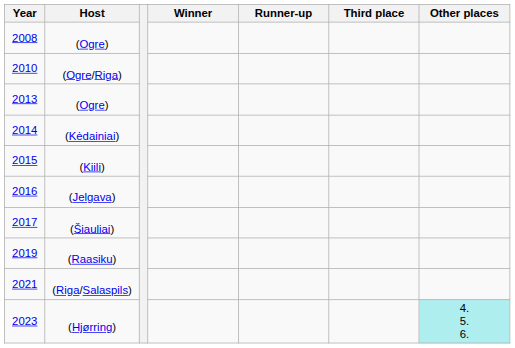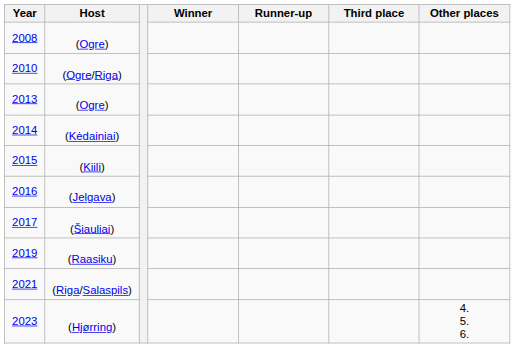 <table class="wikitable" style="text-align:center;">
 <tr>
 <th width=50>Year</th>
 <th width=125>Host</th>
 <th width=5 rowspan=11 bgcolor=ffffff></th>
 <th width=120>Winner</th>
 <th width=120>Runner-up</th>
 <th width=120>Third place</th>
 <th width=120>Other places</th>
 </tr>
 <tr>
 <td><a href='#'>2008</a></td>
 <td><br>(<a href='#'>Ogre</a>)</td>
 <td></td>
 <td></td>
 <td></td>
 <td></td>
 </tr>
 <tr>
 <td><a href='#'>2010</a></td>
 <td><br>(<a href='#'>Ogre</a>/<a href='#'>Riga</a>)</td>
 <td></td>
 <td></td>
 <td></td>
 <td></td>
 </tr>
 <tr>
 <td><a href='#'>2013</a></td>
 <td><br>(<a href='#'>Ogre</a>)</td>
 <td></td>
 <td></td>
 <td></td>
 <td></td>
 </tr>
 <tr>
 <td><a href='#'>2014</a></td>
 <td><br>(<a href='#'>Kėdainiai</a>)</td>
 <td></td>
 <td></td>
 <td></td>
 <td></td>
 </tr>
 <tr>
 <td><a href='#'>2015</a></td>
 <td><br>(<a href='#'>Kiili</a>)</td>
 <td></td>
 <td></td>
 <td></td>
 <td></td>
 </tr>
 <tr>
 <td><a href='#'>2016</a></td>
 <td><br>(<a href='#'>Jelgava</a>)</td>
 <td></td>
 <td></td>
 <td></td>
 <td></td>
 </tr>
 <tr>
 <td><a href='#'>2017</a></td>
 <td><br>(<a href='#'>Šiauliai</a>)</td>
 <td></td>
 <td></td>
 <td></td>
 <td></td>
 </tr>
 <tr>
 <td><a href='#'>2019</a></td>
 <td><br>(<a href='#'>Raasiku</a>)</td>
 <td></td>
 <td></td>
 <td></td>
 <td></td>
 </tr>
 <tr>
 <td><a href='#'>2021</a></td>
 <td><br>(<a href='#'>Riga</a>/<a href='#'>Salaspils</a>)</td>
 <td></td>
 <td></td>
 <td></td>
 <td></td>
 </tr>
 <tr>
 <td><a href='#'>2023</a></td>
 <td><br>(<a href='#'>Hjørring</a>)</td>
 <td></td>
 <td></td>
 <td></td>
-<td style="background: paleturquoise;">4. <br>5.<br> 6.</td>
+<td>4. <br>5.<br> 6.</td>
 </tr>
 </table>
